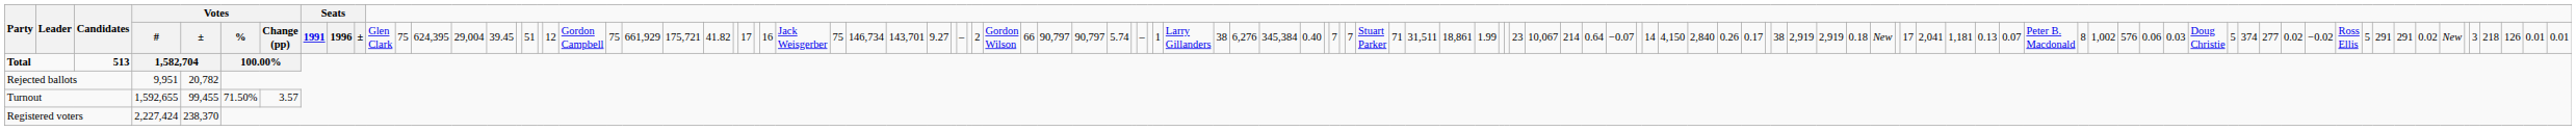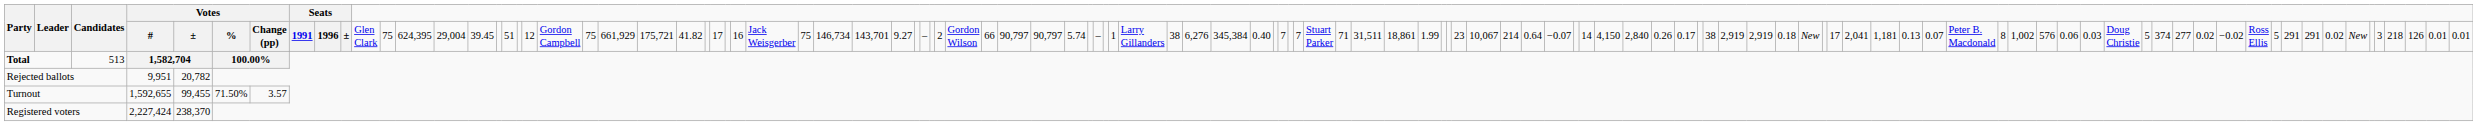 <table class="wikitable" style="text-align:right; font-size:85%">
 <tr>
 <th rowspan="2" colspan="2" style="width:15%">Party</th>
 <th rowspan="2">Leader</th>
 <th rowspan="2">Candidates</th>
 <th colspan="6">Votes</th>
 <th colspan="3">Seats</th>
 </tr>
 <tr>
 <th>#</th>
 <th>±</th>
 <th>%</th>
 <th colspan="3">Change (pp)</th>
 <th><a href='#'>1991</a></th>
 <th>1996</th>
 <th>±<br></th>
 <td style="text-align:left;"><a href='#'>Glen Clark</a></td>
 <td>75</td>
 <td>624,395</td>
 <td>29,004</td>
 <td>39.45</td>
 <td></td>
 <td>51</td>
 <td></td>
 <td>12<br></td>
 <td style="text-align:left;"><a href='#'>Gordon Campbell</a></td>
 <td>75</td>
 <td>661,929</td>
 <td>175,721</td>
 <td>41.82</td>
 <td></td>
 <td>17</td>
 <td></td>
 <td>16<br></td>
 <td style="text-align:left;"><a href='#'>Jack Weisgerber</a></td>
 <td>75</td>
 <td>146,734</td>
 <td>143,701</td>
 <td>9.27</td>
 <td></td>
 <td>–</td>
 <td></td>
 <td>2<br></td>
 <td style="text-align:left;"><a href='#'>Gordon Wilson</a></td>
 <td>66</td>
 <td>90,797</td>
 <td>90,797</td>
 <td>5.74</td>
 <td></td>
 <td>–</td>
 <td></td>
 <td>1<br></td>
 <td style="text-align:left;"><a href='#'>Larry Gillanders</a></td>
 <td>38</td>
 <td>6,276</td>
 <td>345,384</td>
 <td>0.40</td>
 <td></td>
 <td>7</td>
 <td></td>
 <td>7<br></td>
 <td style="text-align:left;"><a href='#'>Stuart Parker</a></td>
 <td>71</td>
 <td>31,511</td>
 <td>18,861</td>
 <td>1.99</td>
 <td><br></td>
 <td style="text-align:left;"></td>
 <td>23</td>
 <td>10,067</td>
 <td>214</td>
 <td>0.64</td>
 <td>−0.07<br></td>
 <td style="text-align:left;"></td>
 <td>14</td>
 <td>4,150</td>
 <td>2,840</td>
 <td>0.26</td>
 <td>0.17<br></td>
 <td style="text-align:left;"></td>
 <td>38</td>
 <td>2,919</td>
 <td>2,919</td>
 <td>0.18</td>
 <td><em>New</em><br></td>
 <td style="text-align:left;"></td>
 <td>17</td>
 <td>2,041</td>
 <td>1,181</td>
 <td>0.13</td>
 <td>0.07<br></td>
 <td style="text-align:left;"><a href='#'>Peter B. Macdonald</a></td>
 <td>8</td>
 <td>1,002</td>
 <td>576</td>
 <td>0.06</td>
 <td>0.03<br></td>
 <td style="text-align:left;"><a href='#'>Doug Christie</a></td>
 <td>5</td>
 <td>374</td>
 <td>277</td>
 <td>0.02</td>
 <td>−0.02<br></td>
 <td style="text-align:left;"><a href='#'>Ross Ellis</a></td>
 <td>5</td>
 <td>291</td>
 <td>291</td>
 <td>0.02</td>
 <td><em>New</em><br></td>
 <td style="text-align:left;"></td>
 <td>3</td>
 <td>218</td>
 <td>126</td>
 <td>0.01</td>
 <td>0.01</td>
 </tr>
 <tr>
 <td colspan="3" style="text-align: left;"><strong>Total</strong></td>
-<td><strong>513</strong></td>
+<td>513</td>
 <th colspan="2">1,582,704</th>
 <th colspan="2">100.00%</th>
 </tr>
 <tr>
 <td colspan="4" style="text-align:left;">Rejected ballots</td>
 <td>9,951</td>
 <td>20,782</td>
 </tr>
 <tr>
 <td colspan="4" style="text-align:left;">Turnout</td>
 <td>1,592,655</td>
 <td>99,455</td>
 <td>71.50%</td>
 <td>3.57</td>
 </tr>
 <tr>
 <td colspan="4" style="text-align:left;">Registered voters</td>
 <td>2,227,424</td>
 <td>238,370</td>
 </tr>
 </table>
